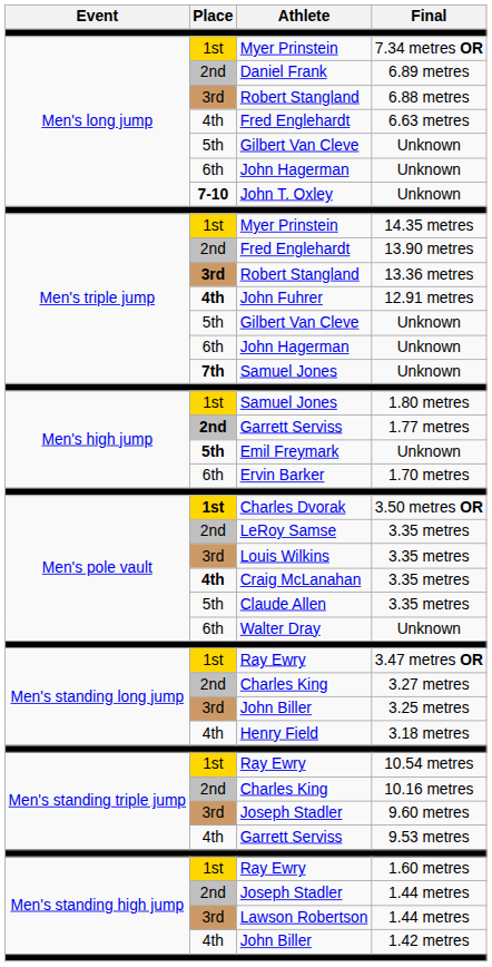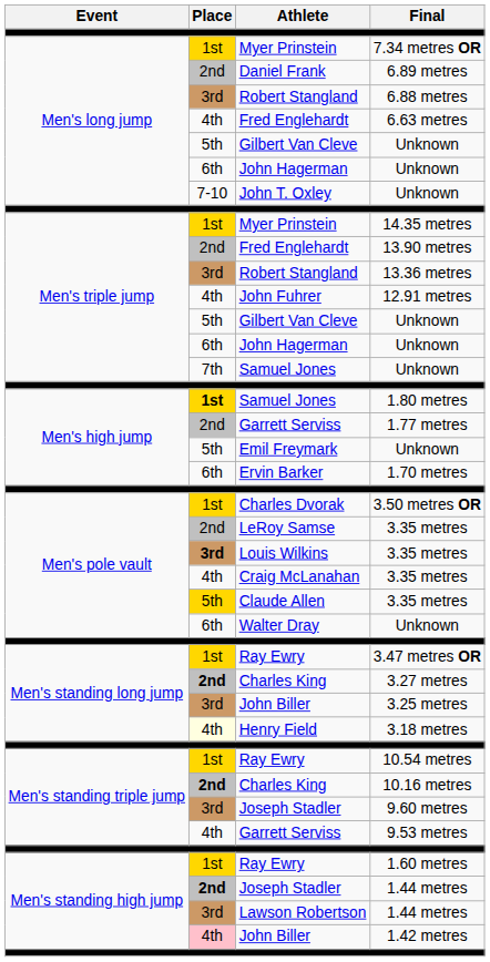 <table class=wikitable>
 <tr>
 <th>Event</th>
 <th>Place</th>
 <th>Athlete</th>
 <th>Final</th>
 </tr>
 <tr bgcolor=black>
 <td colspan=4></td>
 </tr>
 <tr align=center>
 <td rowspan=7><a href='#'>Men's long jump</a></td>
 <td bgcolor=gold>1st</td>
 <td align=left><a href='#'>Myer Prinstein</a></td>
 <td>7.34 metres <strong>OR</strong></td>
 </tr>
 <tr align=center>
 <td bgcolor=silver>2nd</td>
 <td align=left><a href='#'>Daniel Frank</a></td>
 <td>6.89 metres</td>
 </tr>
 <tr align=center>
 <td bgcolor=cc9966>3rd</td>
 <td align=left><a href='#'>Robert Stangland</a></td>
 <td>6.88 metres</td>
 </tr>
 <tr align=center>
 <td>4th</td>
 <td align=left><a href='#'>Fred Englehardt</a></td>
 <td>6.63 metres</td>
 </tr>
 <tr align=center>
 <td>5th</td>
 <td align=left><a href='#'>Gilbert Van Cleve</a></td>
 <td>Unknown</td>
 </tr>
 <tr align=center>
 <td>6th</td>
 <td align=left><a href='#'>John Hagerman</a></td>
 <td>Unknown</td>
 </tr>
 <tr align=center>
-<td><strong>7-10</strong></td>
+<td>7-10</td>
 <td align=left><a href='#'>John T. Oxley</a></td>
 <td>Unknown</td>
 </tr>
 <tr bgcolor=black>
 <td colspan=4></td>
 </tr>
 <tr align=center>
 <td rowspan=7><a href='#'>Men's triple jump</a></td>
 <td bgcolor=gold>1st</td>
 <td align=left><a href='#'>Myer Prinstein</a></td>
 <td>14.35 metres</td>
 </tr>
 <tr align=center>
 <td bgcolor=silver>2nd</td>
 <td align=left><a href='#'>Fred Englehardt</a></td>
 <td>13.90 metres</td>
 </tr>
 <tr align=center>
-<td bgcolor=cc9966><strong>3rd</strong></td>
+<td bgcolor=cc9966>3rd</td>
 <td align=left><a href='#'>Robert Stangland</a></td>
 <td>13.36 metres</td>
 </tr>
 <tr align=center>
-<td><strong>4th</strong></td>
+<td>4th</td>
 <td align=left><a href='#'>John Fuhrer</a></td>
 <td>12.91 metres</td>
 </tr>
 <tr align=center>
 <td>5th</td>
 <td align=left><a href='#'>Gilbert Van Cleve</a></td>
 <td>Unknown</td>
 </tr>
 <tr align=center>
 <td>6th</td>
 <td align=left><a href='#'>John Hagerman</a></td>
 <td>Unknown</td>
 </tr>
 <tr align=center>
-<td><strong>7th</strong></td>
+<td>7th</td>
 <td align=left><a href='#'>Samuel Jones</a></td>
 <td>Unknown</td>
 </tr>
 <tr bgcolor=black>
 <td colspan=4></td>
 </tr>
 <tr align=center>
 <td rowspan=4><a href='#'>Men's high jump</a></td>
-<td bgcolor=gold>1st</td>
+<td bgcolor=gold><strong>1st</strong></td>
 <td align=left><a href='#'>Samuel Jones</a></td>
 <td>1.80 metres</td>
 </tr>
 <tr align=center>
-<td bgcolor=silver><strong>2nd</strong></td>
+<td bgcolor=silver>2nd</td>
 <td align=left><a href='#'>Garrett Serviss</a></td>
 <td>1.77 metres</td>
 </tr>
 <tr align=center>
-<td><strong>5th</strong></td>
+<td>5th</td>
 <td align=left><a href='#'>Emil Freymark</a></td>
 <td>Unknown</td>
 </tr>
 <tr align=center>
 <td>6th</td>
 <td align=left><a href='#'>Ervin Barker</a></td>
 <td>1.70 metres</td>
 </tr>
 <tr bgcolor=black>
 <td colspan=4></td>
 </tr>
 <tr align=center>
 <td rowspan=6><a href='#'>Men's pole vault</a></td>
-<td bgcolor=gold><strong>1st</strong></td>
+<td bgcolor=gold>1st</td>
 <td align=left><a href='#'>Charles Dvorak</a></td>
 <td>3.50 metres <strong>OR</strong></td>
 </tr>
 <tr align=center>
 <td bgcolor=silver>2nd</td>
 <td align=left><a href='#'>LeRoy Samse</a></td>
 <td>3.35 metres</td>
 </tr>
 <tr align=center>
-<td bgcolor=cc9966>3rd</td>
+<td bgcolor=cc9966><strong>3rd</strong></td>
 <td align=left><a href='#'>Louis Wilkins</a></td>
 <td>3.35 metres</td>
 </tr>
 <tr align=center>
-<td><strong>4th</strong></td>
+<td>4th</td>
 <td align=left><a href='#'>Craig McLanahan</a></td>
 <td>3.35 metres</td>
 </tr>
 <tr align=center>
-<td>5th</td>
+<td style="background: gold;">5th</td>
 <td align=left><a href='#'>Claude Allen</a></td>
 <td>3.35 metres</td>
 </tr>
 <tr align=center>
 <td>6th</td>
 <td align=left><a href='#'>Walter Dray</a></td>
 <td>Unknown</td>
 </tr>
 <tr bgcolor=black>
 <td colspan=4></td>
 </tr>
 <tr align=center>
 <td rowspan=4><a href='#'>Men's standing long jump</a></td>
 <td bgcolor=gold>1st</td>
 <td align=left><a href='#'>Ray Ewry</a></td>
 <td>3.47 metres <strong>OR</strong></td>
 </tr>
 <tr align=center>
-<td bgcolor=silver>2nd</td>
+<td bgcolor=silver><strong>2nd</strong></td>
 <td align=left><a href='#'>Charles King</a></td>
 <td>3.27 metres</td>
 </tr>
 <tr align=center>
 <td bgcolor=cc9966>3rd</td>
 <td align=left><a href='#'>John Biller</a></td>
 <td>3.25 metres</td>
 </tr>
 <tr align=center>
-<td>4th</td>
+<td style="background: lightyellow;">4th</td>
 <td align=left><a href='#'>Henry Field</a></td>
 <td>3.18 metres</td>
 </tr>
 <tr bgcolor=black>
 <td colspan=4></td>
 </tr>
 <tr align=center>
 <td rowspan=4><a href='#'>Men's standing triple jump</a></td>
 <td bgcolor=gold>1st</td>
 <td align=left><a href='#'>Ray Ewry</a></td>
 <td>10.54 metres</td>
 </tr>
 <tr align=center>
-<td bgcolor=silver>2nd</td>
+<td bgcolor=silver><strong>2nd</strong></td>
 <td align=left><a href='#'>Charles King</a></td>
 <td>10.16 metres</td>
 </tr>
 <tr align=center>
 <td bgcolor=cc9966>3rd</td>
 <td align=left><a href='#'>Joseph Stadler</a></td>
 <td>9.60 metres</td>
 </tr>
 <tr align=center>
 <td>4th</td>
 <td align=left><a href='#'>Garrett Serviss</a></td>
 <td>9.53 metres</td>
 </tr>
 <tr bgcolor=black>
 <td colspan=4></td>
 </tr>
 <tr align=center>
 <td rowspan=4><a href='#'>Men's standing high jump</a></td>
 <td bgcolor=gold>1st</td>
 <td align=left><a href='#'>Ray Ewry</a></td>
 <td>1.60 metres</td>
 </tr>
 <tr align=center>
-<td bgcolor=silver>2nd</td>
+<td bgcolor=silver><strong>2nd</strong></td>
 <td align=left><a href='#'>Joseph Stadler</a></td>
 <td>1.44 metres</td>
 </tr>
 <tr align=center>
 <td bgcolor=cc9966>3rd</td>
 <td align=left><a href='#'>Lawson Robertson</a></td>
 <td>1.44 metres</td>
 </tr>
 <tr align=center>
-<td>4th</td>
+<td style="background: pink;">4th</td>
 <td align=left><a href='#'>John Biller</a></td>
 <td>1.42 metres</td>
 </tr>
 <tr bgcolor=black>
 <td colspan=4></td>
 </tr>
 </table>
